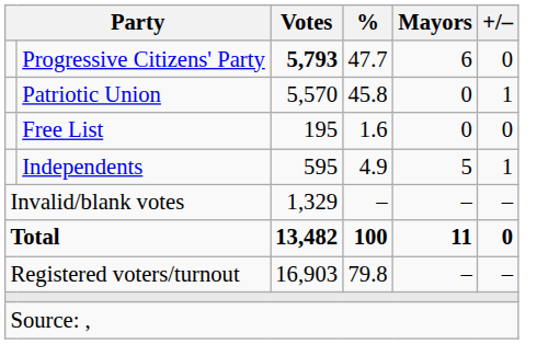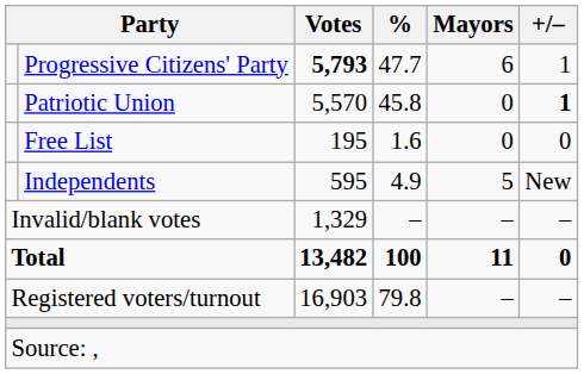 <table class=wikitable style=text-align:right>
 <tr>
 <th colspan="2">Party</th>
 <th>Votes</th>
 <th>%</th>
 <th>Mayors</th>
 <th>+/–</th>
 </tr>
 <tr>
 <td width="1"></td>
 <td align=left><a href='#'>Progressive Citizens' Party</a></td>
 <td><strong>5,793</strong></td>
 <td>47.7</td>
 <td>6</td>
-<td>0</td>
+<td> 1</td>
 </tr>
 <tr>
 <td width="1"></td>
 <td align=left><a href='#'>Patriotic Union</a></td>
 <td>5,570</td>
 <td>45.8</td>
 <td>0</td>
-<td> 1</td>
+<td><strong> 1</strong></td>
 </tr>
 <tr>
 <td width="1"></td>
 <td align=left><a href='#'>Free List</a></td>
 <td>195</td>
 <td>1.6</td>
 <td>0</td>
 <td>0</td>
 </tr>
 <tr>
 <td width="1"></td>
 <td align=left><a href='#'>Independents</a></td>
 <td>595</td>
 <td>4.9</td>
 <td>5</td>
-<td> 1</td>
+<td>New</td>
 </tr>
 <tr>
 <td colspan="2" align=left>Invalid/blank votes</td>
 <td>1,329</td>
 <td>–</td>
 <td>–</td>
 <td>–</td>
 </tr>
 <tr>
 <td colspan="2" align="left"><strong>Total</strong></td>
 <td><strong>13,482</strong></td>
 <td><strong>100</strong></td>
 <td><strong>11</strong></td>
 <td><strong>0</strong></td>
 </tr>
 <tr>
 <td colspan="2" align="left">Registered voters/turnout</td>
 <td>16,903</td>
 <td>79.8</td>
 <td>–</td>
 <td>–</td>
 </tr>
 <tr>
 <td colspan="6" style="color:inherit;background:#E9E9E9"></td>
 </tr>
 <tr>
 <td colspan="6" align="left">Source: , </td>
 </tr>
 </table>
